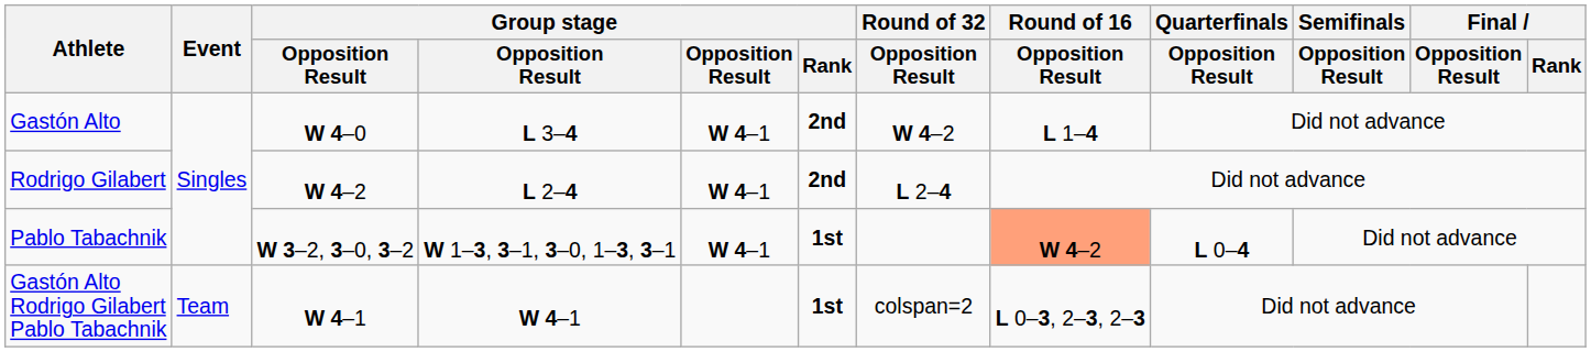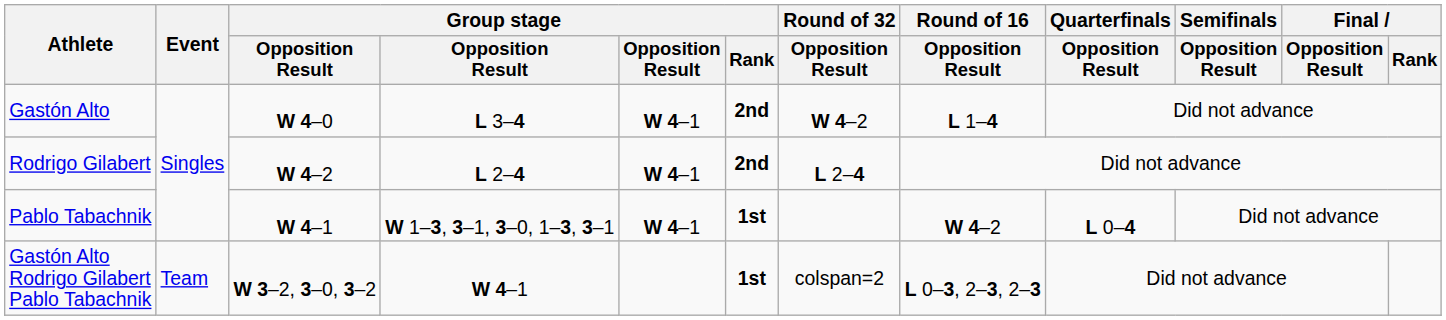 <table class="wikitable" style="font-size:90%">
 <tr>
 <th rowspan=2>Athlete</th>
 <th rowspan=2>Event</th>
 <th colspan=4>Group stage</th>
 <th>Round of 32</th>
 <th>Round of 16</th>
 <th>Quarterfinals</th>
 <th>Semifinals</th>
 <th colspan=2>Final / </th>
 </tr>
 <tr style="font-size:95%">
 <th>Opposition<br>Result</th>
 <th>Opposition<br>Result</th>
 <th>Opposition<br>Result</th>
 <th>Rank</th>
 <th>Opposition<br>Result</th>
 <th>Opposition<br>Result</th>
 <th>Opposition<br>Result</th>
 <th>Opposition<br>Result</th>
 <th>Opposition<br>Result</th>
 <th>Rank</th>
 </tr>
 <tr align=center>
 <td align=left><a href='#'>Gastón Alto</a></td>
 <td align=left rowspan=3><a href='#'>Singles</a></td>
 <td><br><strong>W</strong> <strong>4</strong>–0</td>
 <td><br><strong>L</strong> 3–<strong>4</strong></td>
 <td><br><strong>W</strong> <strong>4</strong>–1</td>
 <td><strong>2nd</strong></td>
 <td><br><strong>W</strong> <strong>4</strong>–2</td>
 <td><br><strong>L</strong> 1–<strong>4</strong></td>
 <td colspan=4>Did not advance</td>
 </tr>
 <tr align=center>
 <td align=left><a href='#'>Rodrigo Gilabert</a></td>
 <td><br><strong>W</strong> <strong>4</strong>–2</td>
 <td><br><strong>L</strong> 2–<strong>4</strong></td>
 <td><br><strong>W</strong> <strong>4</strong>–1</td>
 <td><strong>2nd</strong></td>
 <td><br><strong>L</strong> 2–<strong>4</strong></td>
 <td colspan=5>Did not advance</td>
 </tr>
 <tr align=center>
 <td align=left><a href='#'>Pablo Tabachnik</a></td>
-<td><br><strong>W</strong> <strong>3</strong>–2, <strong>3</strong>–0, <strong>3</strong>–2</td>
+<td><br><strong>W</strong> <strong>4</strong>–1</td>
 <td><br><strong>W</strong> 1–<strong>3</strong>, <strong>3</strong>–1, <strong>3</strong>–0, 1–<strong>3</strong>, <strong>3</strong>–1</td>
 <td><br><strong>W</strong> <strong>4</strong>–1</td>
 <td><strong>1st</strong></td>
 <td></td>
-<td style="background: lightsalmon;"><br><strong>W</strong> <strong>4</strong>–2</td>
+<td><br><strong>W</strong> <strong>4</strong>–2</td>
 <td><br><strong>L</strong> 0–<strong>4</strong></td>
 <td colspan=3>Did not advance</td>
 </tr>
 <tr align=center>
 <td align=left><a href='#'>Gastón Alto</a><br><a href='#'>Rodrigo Gilabert</a><br><a href='#'>Pablo Tabachnik</a></td>
 <td align=left><a href='#'>Team</a></td>
-<td><br><strong>W</strong> <strong>4</strong>–1</td>
+<td><br><strong>W</strong> <strong>3</strong>–2, <strong>3</strong>–0, <strong>3</strong>–2</td>
 <td><br><strong>W</strong> <strong>4</strong>–1</td>
 <td></td>
 <td><strong>1st</strong></td>
 <td>colspan=2 </td>
 <td><br><strong>L</strong> 0–<strong>3</strong>, 2–<strong>3</strong>, 2–<strong>3</strong></td>
 <td colspan=3>Did not advance</td>
 </tr>
 </table>
